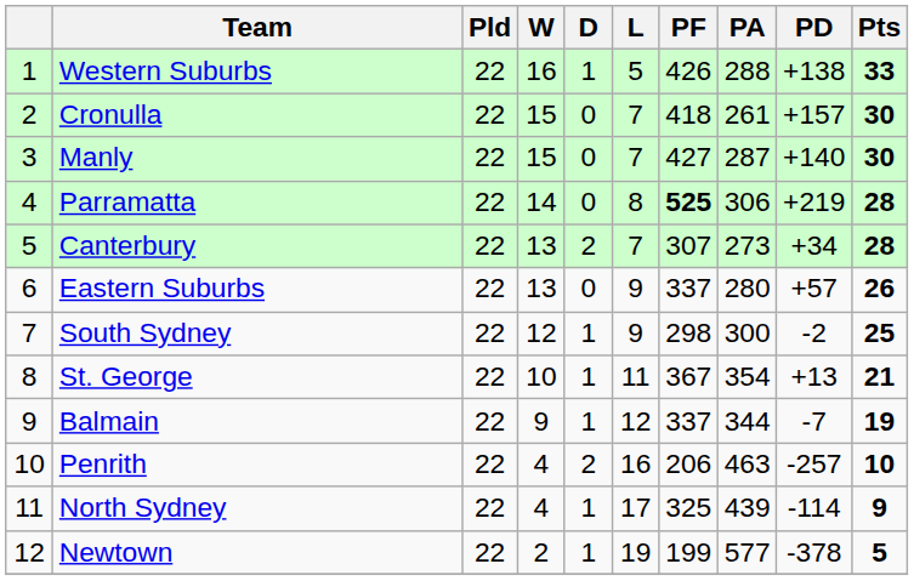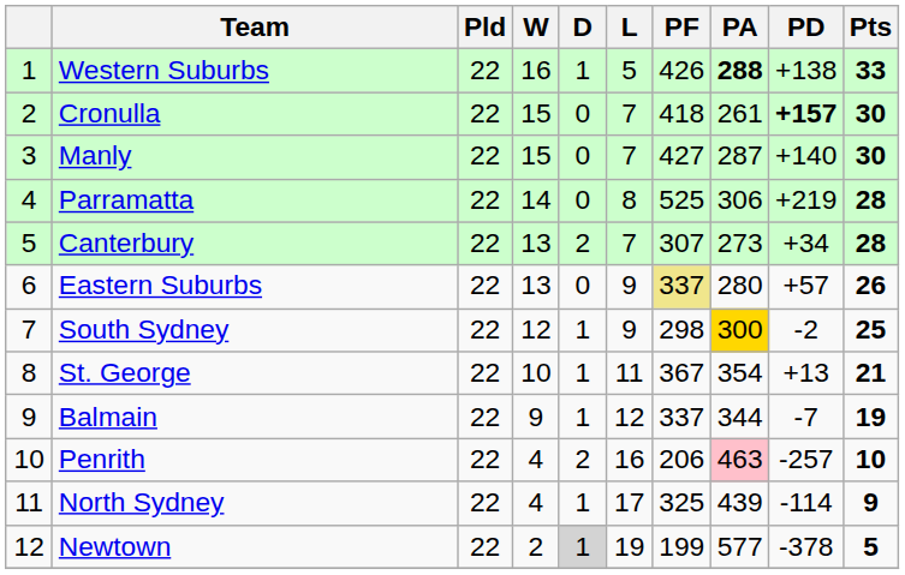 <table class="wikitable" style="text-align:center;">
 <tr>
 <th width=20 abbr="Position×"></th>
 <th width=230>Team</th>
 <th width=20 abbr="Played">Pld</th>
 <th width=20 abbr="Won">W</th>
 <th width=20 abbr="Drawn">D</th>
 <th width=20 abbr="Lost">L</th>
 <th width=20 abbr="Points for">PF</th>
 <th width=20 abbr="Points against">PA</th>
 <th width=20 abbr="Points difference">PD</th>
 <th width=20 abbr="Points">Pts</th>
 </tr>
 <tr style="background: #ccffcc;">
 <td>1</td>
 <td style="text-align:left;"> <a href='#'>Western Suburbs</a></td>
 <td>22</td>
 <td>16</td>
 <td>1</td>
 <td>5</td>
 <td>426</td>
-<td>288</td>
+<td><strong>288</strong></td>
 <td>+138</td>
 <td><strong>33</strong></td>
 </tr>
 <tr style="background: #ccffcc;">
 <td>2</td>
 <td style="text-align:left;"> <a href='#'>Cronulla</a></td>
 <td>22</td>
 <td>15</td>
 <td>0</td>
 <td>7</td>
 <td>418</td>
 <td>261</td>
-<td>+157</td>
+<td><strong>+157</strong></td>
 <td><strong>30</strong></td>
 </tr>
 <tr style="background: #ccffcc;">
 <td>3</td>
 <td style="text-align:left;"> <a href='#'>Manly</a></td>
 <td>22</td>
 <td>15</td>
 <td>0</td>
 <td>7</td>
 <td>427</td>
 <td>287</td>
 <td>+140</td>
 <td><strong>30</strong></td>
 </tr>
 <tr style="background: #ccffcc;">
 <td>4</td>
 <td style="text-align:left;"> <a href='#'>Parramatta</a></td>
 <td>22</td>
 <td>14</td>
 <td>0</td>
 <td>8</td>
-<td><strong>525</strong></td>
+<td>525</td>
 <td>306</td>
 <td>+219</td>
 <td><strong>28</strong></td>
 </tr>
 <tr style="background: #ccffcc;">
 <td>5</td>
 <td style="text-align:left;"> <a href='#'>Canterbury</a></td>
 <td>22</td>
 <td>13</td>
 <td>2</td>
 <td>7</td>
 <td>307</td>
 <td>273</td>
 <td>+34</td>
 <td><strong>28</strong></td>
 </tr>
 <tr>
 <td>6</td>
 <td style="text-align:left;"> <a href='#'>Eastern Suburbs</a></td>
 <td>22</td>
 <td>13</td>
 <td>0</td>
 <td>9</td>
-<td>337</td>
+<td style="background: khaki;">337</td>
 <td>280</td>
 <td>+57</td>
 <td><strong>26</strong></td>
 </tr>
 <tr>
 <td>7</td>
 <td style="text-align:left;"> <a href='#'>South Sydney</a></td>
 <td>22</td>
 <td>12</td>
 <td>1</td>
 <td>9</td>
 <td>298</td>
-<td>300</td>
+<td style="background: gold;">300</td>
 <td>-2</td>
 <td><strong>25</strong></td>
 </tr>
 <tr>
 <td>8</td>
 <td style="text-align:left;"> <a href='#'>St. George</a></td>
 <td>22</td>
 <td>10</td>
 <td>1</td>
 <td>11</td>
 <td>367</td>
 <td>354</td>
 <td>+13</td>
 <td><strong>21</strong></td>
 </tr>
 <tr>
 <td>9</td>
 <td style="text-align:left;"> <a href='#'>Balmain</a></td>
 <td>22</td>
 <td>9</td>
 <td>1</td>
 <td>12</td>
 <td>337</td>
 <td>344</td>
 <td>-7</td>
 <td><strong>19</strong></td>
 </tr>
 <tr>
 <td>10</td>
 <td style="text-align:left;"> <a href='#'>Penrith</a></td>
 <td>22</td>
 <td>4</td>
 <td>2</td>
 <td>16</td>
 <td>206</td>
-<td>463</td>
+<td style="background: pink;">463</td>
 <td>-257</td>
 <td><strong>10</strong></td>
 </tr>
 <tr>
 <td>11</td>
 <td style="text-align:left;"> <a href='#'>North Sydney</a></td>
 <td>22</td>
 <td>4</td>
 <td>1</td>
 <td>17</td>
 <td>325</td>
 <td>439</td>
 <td>-114</td>
 <td><strong>9</strong></td>
 </tr>
 <tr>
 <td>12</td>
 <td style="text-align:left;"> <a href='#'>Newtown</a></td>
 <td>22</td>
 <td>2</td>
-<td>1</td>
+<td style="background: lightgrey;">1</td>
 <td>19</td>
 <td>199</td>
 <td>577</td>
 <td>-378</td>
 <td><strong>5</strong></td>
 </tr>
 <tr>
 </tr>
 </table>
